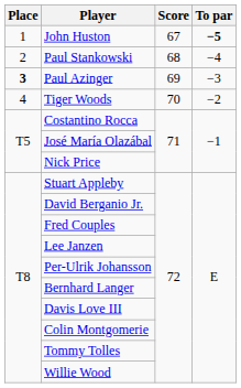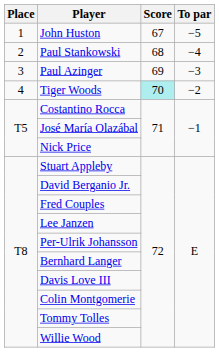 <table class="wikitable">
 <tr>
 <th>Place</th>
 <th>Player</th>
 <th>Score</th>
 <th>To par</th>
 </tr>
 <tr>
 <td align=center>1</td>
 <td> <a href='#'>John Huston</a></td>
 <td align=center>67</td>
-<td align=center><strong>−5</strong></td>
+<td align=center>−5</td>
 </tr>
 <tr>
 <td align=center>2</td>
 <td> <a href='#'>Paul Stankowski</a></td>
 <td align=center>68</td>
 <td align=center>−4</td>
 </tr>
 <tr>
-<td align=center><strong>3</strong></td>
+<td align=center>3</td>
 <td> <a href='#'>Paul Azinger</a></td>
 <td align=center>69</td>
 <td align=center>−3</td>
 </tr>
 <tr>
 <td align=center>4</td>
 <td> <a href='#'>Tiger Woods</a></td>
-<td align=center>70</td>
+<td align=center style="background: paleturquoise;">70</td>
 <td align=center>−2</td>
 </tr>
 <tr>
 <td rowspan=3 align=center>T5</td>
 <td> <a href='#'>Costantino Rocca</a></td>
 <td rowspan=3  align=center>71</td>
 <td rowspan=3 align=center>−1</td>
 </tr>
 <tr>
 <td> <a href='#'>José María Olazábal</a></td>
 </tr>
 <tr>
 <td> <a href='#'>Nick Price</a></td>
 </tr>
 <tr>
 <td rowspan="10" align=center>T8</td>
 <td> <a href='#'>Stuart Appleby</a></td>
 <td rowspan="10" align=center>72</td>
 <td rowspan="10" align=center>E</td>
 </tr>
 <tr>
 <td> <a href='#'>David Berganio Jr.</a></td>
 </tr>
 <tr>
 <td> <a href='#'>Fred Couples</a></td>
 </tr>
 <tr>
 <td> <a href='#'>Lee Janzen</a></td>
 </tr>
 <tr>
 <td> <a href='#'>Per-Ulrik Johansson</a></td>
 </tr>
 <tr>
 <td> <a href='#'>Bernhard Langer</a></td>
 </tr>
 <tr>
 <td> <a href='#'>Davis Love III</a></td>
 </tr>
 <tr>
 <td> <a href='#'>Colin Montgomerie</a></td>
 </tr>
 <tr>
 <td> <a href='#'>Tommy Tolles</a></td>
 </tr>
 <tr>
 <td> <a href='#'>Willie Wood</a></td>
 </tr>
 </table>
